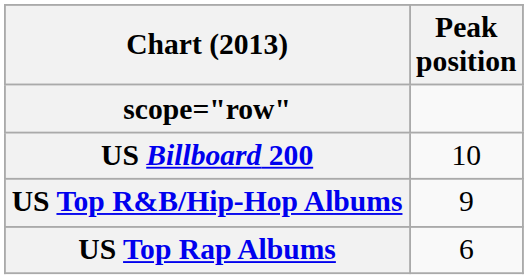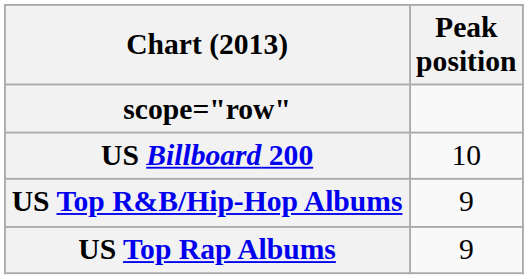 <table class="wikitable sortable plainrowheaders">
 <tr>
 <th>Chart (2013)</th>
 <th>Peak<br>position</th>
 </tr>
 <tr>
 <th>scope="row" </th>
 </tr>
 <tr>
 <th scope="row">US <a href='#'><em>Billboard</em> 200</a></th>
 <td style="text-align:center;">10</td>
 </tr>
 <tr>
 <th scope="row">US <a href='#'>Top R&B/Hip-Hop Albums</a></th>
 <td style="text-align:center;">9</td>
 </tr>
 <tr>
 <th scope="row">US <a href='#'>Top Rap Albums</a></th>
-<td style="text-align:center;">6</td>
+<td style="text-align:center;">9</td>
 </tr>
 </table>
